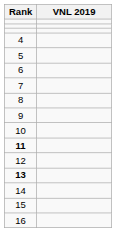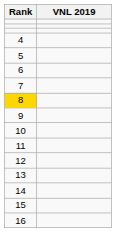 <table class="wikitable sortable" style="font-size:85%; text-align:center;">
 <tr>
 <th width=40>Rank</th>
 <th width=100>VNL 2019</th>
 </tr>
 <tr>
 <td></td>
 <td style="text-align:left;"></td>
 </tr>
 <tr>
 <td></td>
 <td style="text-align:left;"></td>
 </tr>
 <tr>
 <td></td>
 <td style="text-align:left;"></td>
 </tr>
 <tr>
 <td>4</td>
 <td style="text-align:left;"></td>
 </tr>
 <tr>
 <td>5</td>
 <td style="text-align:left;"></td>
 </tr>
 <tr>
 <td>6</td>
 <td style="text-align:left;"></td>
 </tr>
 <tr>
 <td>7</td>
 <td style="text-align:left;"></td>
 </tr>
 <tr>
-<td>8</td>
+<td style="background: gold;">8</td>
 <td style="text-align:left;"></td>
 </tr>
 <tr>
 <td>9</td>
 <td style="text-align:left;"></td>
 </tr>
 <tr>
 <td>10</td>
 <td style="text-align:left;"></td>
 </tr>
 <tr>
-<td><strong>11</strong></td>
+<td>11</td>
 <td style="text-align:left;"></td>
 </tr>
 <tr>
 <td>12</td>
 <td style="text-align:left;"></td>
 </tr>
 <tr>
-<td><strong>13</strong></td>
+<td>13</td>
 <td style="text-align:left;"></td>
 </tr>
 <tr>
 <td>14</td>
 <td style="text-align:left;"></td>
 </tr>
 <tr>
 <td>15</td>
 <td style="text-align:left;"></td>
 </tr>
 <tr>
 <td>16</td>
 <td style="text-align:left;"></td>
 </tr>
 </table>
